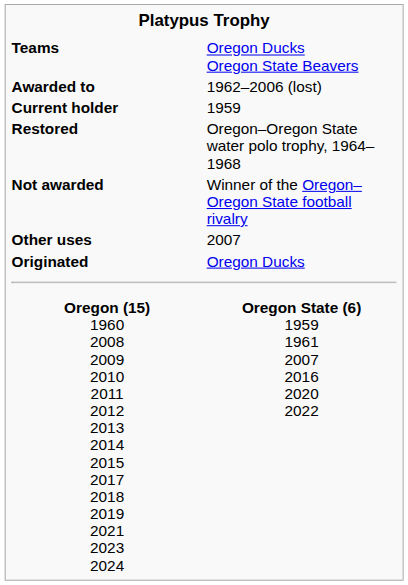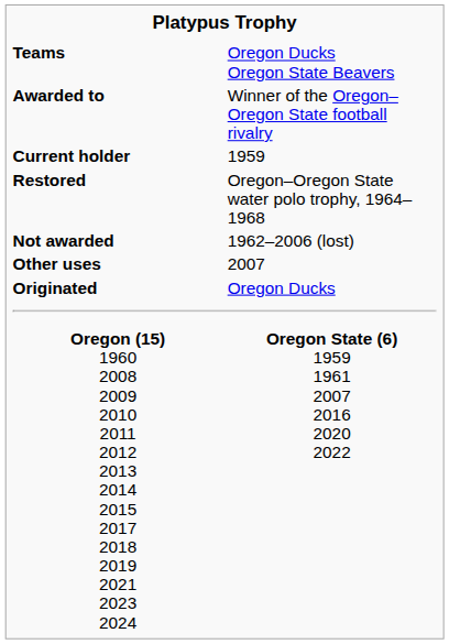 <table class="infobox" style="width: 26em; font-size: 95%;">
 <tr>
 <td colspan="2" style="text-align: center; font-size: 110%;"><strong>Platypus Trophy</strong></td>
 </tr>
 <tr>
 <td colspan="2" style="text-align: center;"></td>
 </tr>
 <tr>
 <td><strong>Teams</strong></td>
 <td><a href='#'>Oregon Ducks</a><br><a href='#'>Oregon State Beavers</a></td>
 </tr>
 <tr>
 <td><strong>Awarded to</strong></td>
-<td>1962–2006 (lost)</td>
+<td>Winner of the <a href='#'>Oregon–Oregon State football rivalry </a></td>
 </tr>
 <tr>
 <td><strong>Current holder</strong></td>
 <td>1959</td>
 </tr>
 <tr>
 <td><strong>Restored</strong></td>
 <td>Oregon–Oregon State water polo trophy, 1964–1968</td>
 </tr>
 <tr>
 <td><strong>Not awarded</strong></td>
-<td>Winner of the <a href='#'>Oregon–Oregon State football rivalry </a></td>
+<td>1962–2006 (lost)</td>
 </tr>
 <tr>
 <td><strong>Other uses</strong></td>
 <td>2007</td>
 </tr>
 <tr>
 <td><strong>Originated</strong></td>
 <td><a href='#'>Oregon Ducks</a></td>
 </tr>
 <tr>
 <td colspan="2" align="center"><hr></td>
 </tr>
 <tr>
 <td align="center" style="width:13em"></td>
 <td align="center" style="width:13em"></td>
 </tr>
 <tr>
 <td align="center"><strong>Oregon (15)</strong><br>1960<br>2008<br>2009<br>2010<br>2011<br>2012<br>2013<br>2014<br>2015<br>2017<br>2018<br>2019<br>2021<br>2023<br>2024</td>
 <td align="center"><strong>Oregon State (6)</strong><br>1959<br>1961<br>2007<br>2016<br>2020<br>2022</td>
 </tr>
 </table>
